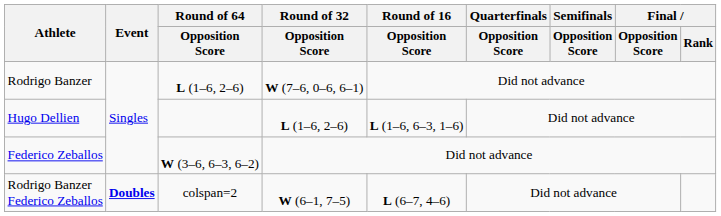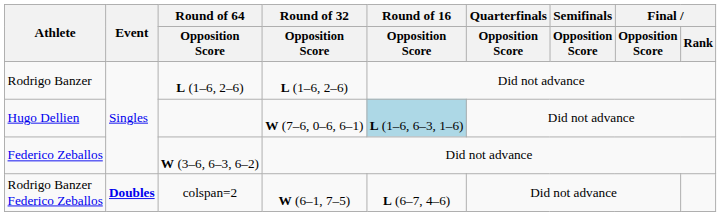 <table class=wikitable style="font-size:90%">
 <tr>
 <th rowspan=2>Athlete</th>
 <th rowspan=2>Event</th>
 <th>Round of 64</th>
 <th>Round of 32</th>
 <th>Round of 16</th>
 <th>Quarterfinals</th>
 <th>Semifinals</th>
 <th colspan=2>Final / </th>
 </tr>
 <tr style="font-size:95%">
 <th>Opposition<br>Score</th>
 <th>Opposition<br>Score</th>
 <th>Opposition<br>Score</th>
 <th>Opposition<br>Score</th>
 <th>Opposition<br>Score</th>
 <th>Opposition<br>Score</th>
 <th>Rank</th>
 </tr>
 <tr align=center>
 <td align=left>Rodrigo Banzer</td>
 <td align=left rowspan=3><a href='#'>Singles</a></td>
 <td><br><strong>L</strong> (1–6, 2–6)</td>
-<td><br><strong>W</strong> (7–6, 0–6, 6–1)</td>
+<td><br><strong>L</strong> (1–6, 2–6)</td>
 <td colspan=5>Did not advance</td>
 </tr>
 <tr align=center>
 <td align=left><a href='#'>Hugo Dellien</a></td>
 <td></td>
-<td><br><strong>L</strong> (1–6, 2–6)</td>
-<td><br><strong>L</strong> (1–6, 6–3, 1–6)</td>
+<td><br><strong>W</strong> (7–6, 0–6, 6–1)</td>
+<td style="background: lightblue;"><br><strong>L</strong> (1–6, 6–3, 1–6)</td>
 <td colspan=4>Did not advance</td>
 </tr>
 <tr align=center>
 <td align=left><a href='#'>Federico Zeballos</a></td>
 <td><br><strong>W</strong> (3–6, 6–3, 6–2)</td>
 <td colspan=6>Did not advance</td>
 </tr>
 <tr align=center>
 <td align=left>Rodrigo Banzer<br><a href='#'>Federico Zeballos</a></td>
 <td align=left><strong><a href='#'>Doubles</a></strong></td>
 <td>colspan=2 </td>
 <td><br><strong>W</strong> (6–1, 7–5)</td>
 <td><br><strong>L</strong> (6–7, 4–6)</td>
 <td colspan=3>Did not advance</td>
 </tr>
 </table>
